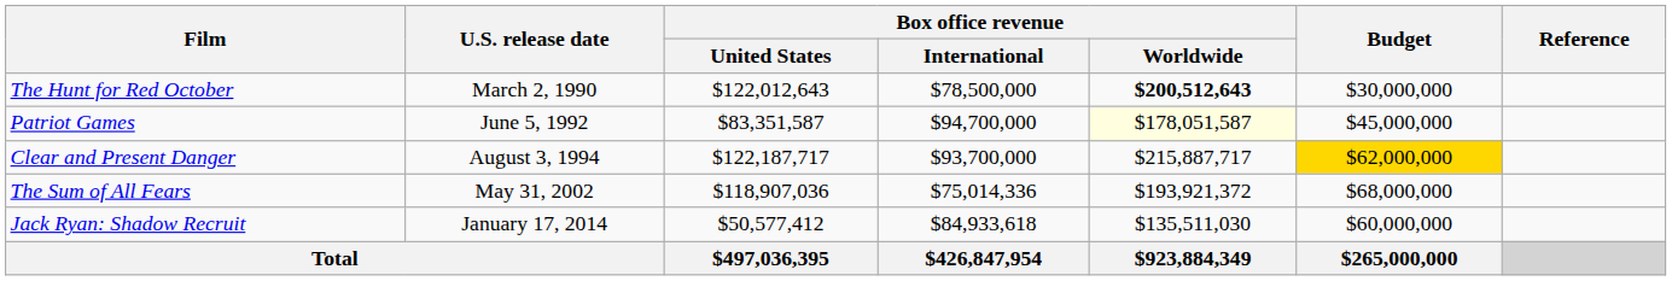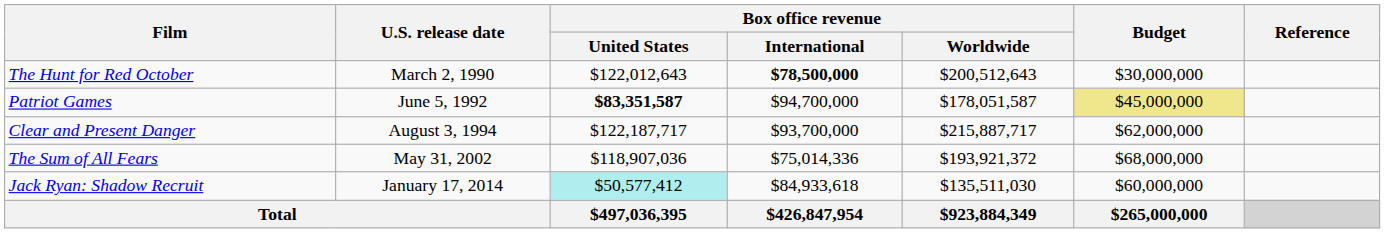 <table class="wikitable" style="width:99%;">
 <tr>
 <th rowspan="2" style="text-align:center;">Film</th>
 <th rowspan="2" style="text-align:center;">U.S. release date</th>
 <th colspan="3" style="text-align:center;">Box office revenue</th>
 <th rowspan="2" style="text-align:center;">Budget</th>
 <th rowspan="2" style="text-align:center;">Reference</th>
 </tr>
 <tr>
 <th style="text-align:center;">United States</th>
 <th style="text-align:center;">International</th>
 <th style="text-align:center;">Worldwide</th>
 </tr>
 <tr>
 <td><em><a href='#'>The Hunt for Red October</a></em></td>
 <td style="text-align:center;">March 2, 1990</td>
 <td style="text-align:center;">$122,012,643</td>
-<td style="text-align:center;">$78,500,000</td>
-<td style="text-align:center;"><strong>$200,512,643</strong></td>
+<td style="text-align:center;"><strong>$78,500,000</strong></td>
+<td style="text-align:center;">$200,512,643</td>
 <td style="text-align:center;">$30,000,000</td>
 <td style="text-align:center;"></td>
 </tr>
 <tr>
 <td><em><a href='#'>Patriot Games</a></em></td>
 <td style="text-align:center;">June 5, 1992</td>
-<td style="text-align:center;">$83,351,587</td>
+<td style="text-align:center;"><strong>$83,351,587</strong></td>
 <td style="text-align:center;">$94,700,000</td>
-<td style="background: lightyellow; text-align:center;">$178,051,587</td>
-<td style="text-align:center;">$45,000,000</td>
+<td style="text-align:center;">$178,051,587</td>
+<td style="background: khaki; text-align:center;">$45,000,000</td>
 <td style="text-align:center;"></td>
 </tr>
 <tr>
 <td><em><a href='#'>Clear and Present Danger</a></em></td>
 <td style="text-align:center;">August 3, 1994</td>
 <td style="text-align:center;">$122,187,717</td>
 <td style="text-align:center;">$93,700,000</td>
 <td style="text-align:center;">$215,887,717</td>
-<td style="background: gold; text-align:center;">$62,000,000</td>
+<td style="text-align:center;">$62,000,000</td>
 <td style="text-align:center;"></td>
 </tr>
 <tr>
 <td><em><a href='#'>The Sum of All Fears</a></em></td>
 <td style="text-align:center;">May 31, 2002</td>
 <td style="text-align:center;">$118,907,036</td>
 <td style="text-align:center;">$75,014,336</td>
 <td style="text-align:center;">$193,921,372</td>
 <td style="text-align:center;">$68,000,000</td>
 <td style="text-align:center;"></td>
 </tr>
 <tr>
 <td><em><a href='#'>Jack Ryan: Shadow Recruit</a></em></td>
 <td style="text-align:center;">January 17, 2014</td>
-<td style="text-align:center;">$50,577,412</td>
+<td style="background: paleturquoise; text-align:center;">$50,577,412</td>
 <td style="text-align:center;">$84,933,618</td>
 <td style="text-align:center;">$135,511,030</td>
 <td style="text-align:center;">$60,000,000</td>
 <td style="text-align:center;"></td>
 </tr>
 <tr>
 <th colspan="2" style="text-align:center;">Total</th>
 <th>$497,036,395</th>
 <th>$426,847,954</th>
 <th>$923,884,349</th>
 <th style="text-align:center;">$265,000,000</th>
 <th style="background:#d3d3d3;"></th>
 </tr>
 </table>
